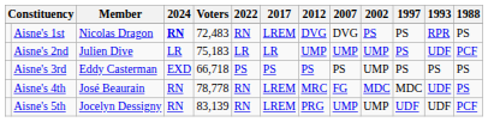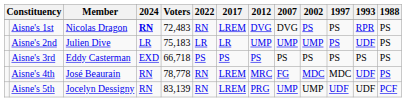 <table class="wikitable sortable">
 <tr>
 <th colspan="2">Constituency</th>
 <th>Member</th>
 <th>2024</th>
 <th>Voters</th>
 <th>2022</th>
 <th>2017</th>
 <th>2012</th>
 <th>2007</th>
 <th>2002</th>
 <th>1997</th>
 <th>1993</th>
 <th>1988</th>
 </tr>
 <tr>
 </tr>
 <tr>
 <td style="background-color: "></td>
 <td><a href='#'>Aisne's 1st</a></td>
 <td><a href='#'>Nicolas Dragon</a></td>
 <td><strong><a href='#'>RN</a></strong></td>
 <td>72,483</td>
 <td><a href='#'>RN</a></td>
 <td><a href='#'>LREM</a></td>
 <td bgcolor=><a href='#'>DVG</a></td>
 <td bgcolor=>DVG</td>
 <td bgcolor=><a href='#'>PS</a></td>
 <td bgcolor=>PS</td>
 <td bgcolor=><a href='#'>RPR</a></td>
 <td bgcolor=>PS</td>
 </tr>
 <tr>
 <td style="background-color: "></td>
 <td><a href='#'>Aisne's 2nd</a></td>
 <td><a href='#'>Julien Dive</a></td>
 <td><a href='#'>LR</a></td>
 <td>75,183</td>
 <td><a href='#'>LR</a></td>
 <td><a href='#'>LR</a></td>
 <td bgcolor=><a href='#'>UMP</a></td>
 <td bgcolor=><a href='#'>UMP</a></td>
 <td bgcolor=><a href='#'>UMP</a></td>
 <td bgcolor=><a href='#'>PS</a></td>
 <td bgcolor=><a href='#'>UDF</a></td>
-<td bgcolor=><a href='#'>PCF</a></td>
+<td bgcolor=>PS</td>
 </tr>
 <tr>
 <td style="background-color: "></td>
 <td><a href='#'>Aisne's 3rd</a></td>
 <td><a href='#'>Eddy Casterman</a></td>
 <td><a href='#'>EXD</a></td>
 <td>66,718</td>
 <td><a href='#'>PS</a></td>
 <td><a href='#'>PS</a></td>
 <td bgcolor=><a href='#'>PS</a></td>
 <td bgcolor=>PS</td>
-<td bgcolor=>UMP</td>
+<td bgcolor=>PS</td>
 <td bgcolor=>PS</td>
 <td bgcolor=>PS</td>
 <td bgcolor=>PS</td>
 </tr>
 <tr>
 <td style="background-color: "></td>
 <td><a href='#'>Aisne's 4th</a></td>
 <td><a href='#'>José Beaurain</a></td>
 <td><a href='#'>RN</a></td>
 <td>78,778</td>
 <td><a href='#'>RN</a></td>
 <td><a href='#'>LREM</a></td>
 <td bgcolor=><a href='#'>MRC</a></td>
 <td bgcolor=><a href='#'>FG</a></td>
 <td bgcolor=><a href='#'>MDC</a></td>
 <td bgcolor=>MDC</td>
 <td bgcolor=><a href='#'>UDF</a></td>
 <td bgcolor=><a href='#'>PS</a></td>
 </tr>
 <tr>
 <td style="background-color: "></td>
 <td><a href='#'>Aisne's 5th</a></td>
 <td><a href='#'>Jocelyn Dessigny</a></td>
 <td><a href='#'>RN</a></td>
 <td>83,139</td>
 <td><a href='#'>RN</a></td>
 <td><a href='#'>LREM</a></td>
 <td bgcolor=><a href='#'>PRG</a></td>
 <td bgcolor=><a href='#'>UMP</a></td>
 <td bgcolor=>UMP</td>
 <td bgcolor=><a href='#'>UDF</a></td>
 <td bgcolor=>UDF</td>
 <td bgcolor=><a href='#'>PCF</a></td>
 </tr>
 </table>
